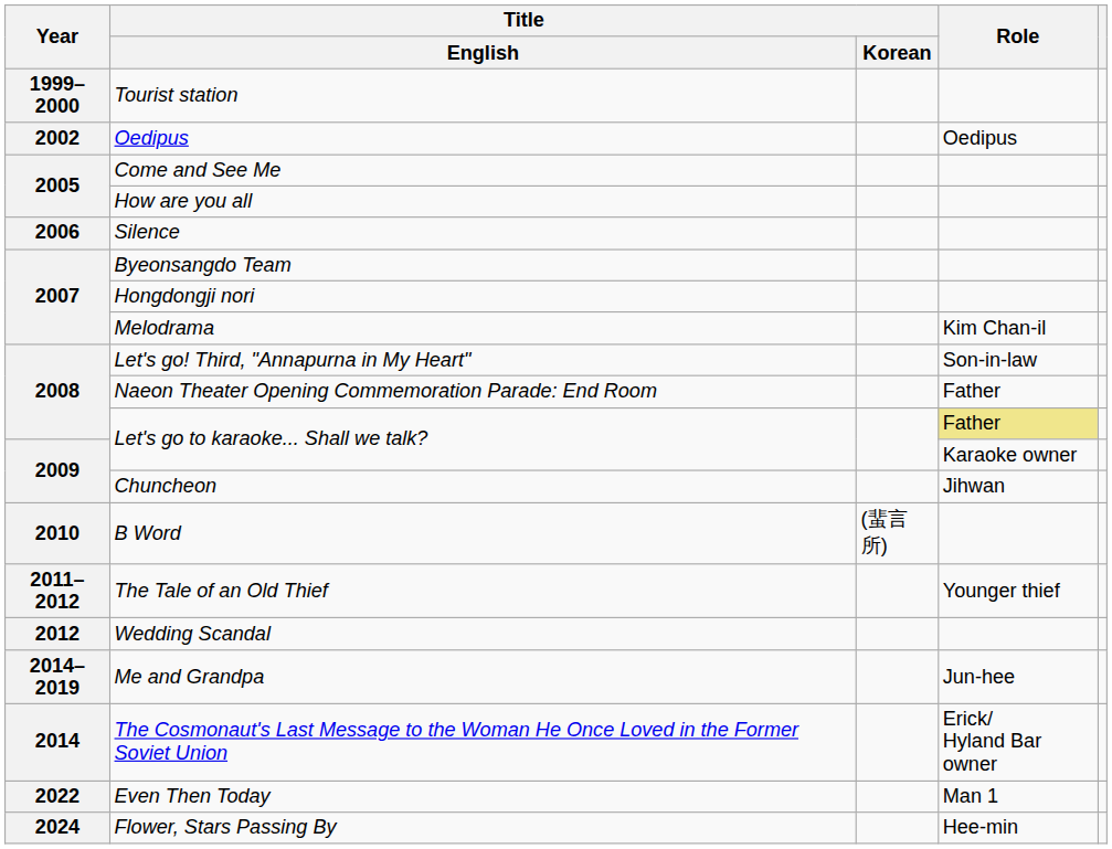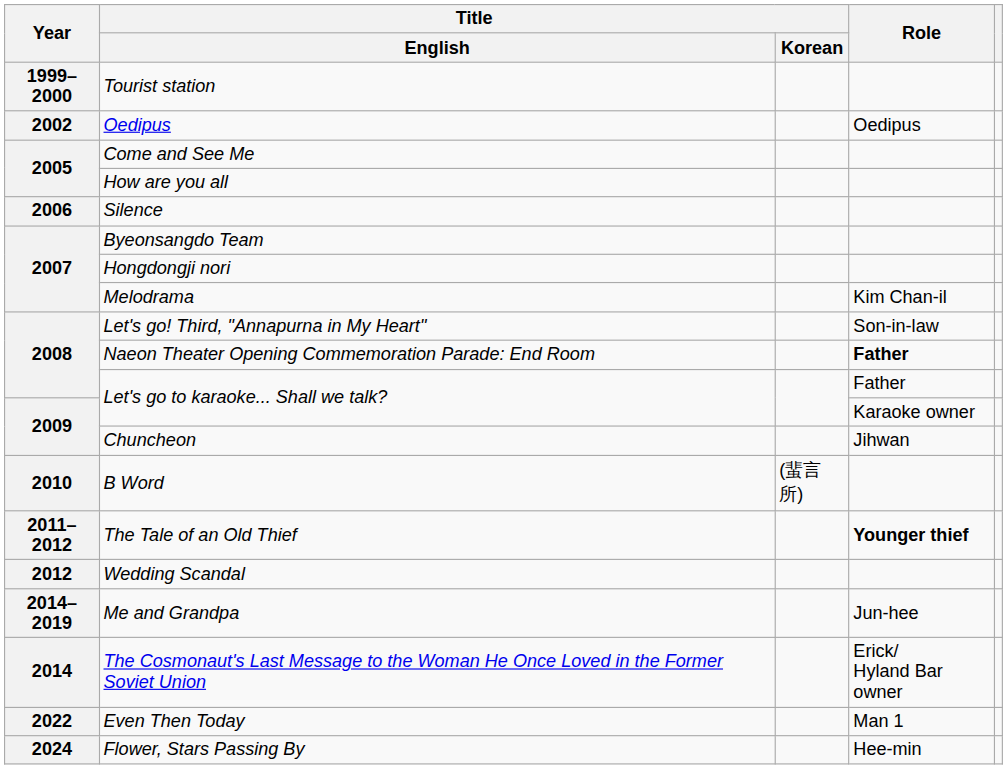 <table class="wikitable sortable plainrowheaders" style="text-align:left; font-size:100%; padding:0 auto; width:100%; margin:auto">
 <tr>
 <th rowspan="2" scope="col">Year</th>
 <th colspan="2" scope="col">Title</th>
 <th rowspan="2" scope="col">Role</th>
 <th rowspan="2" scope="col" class="unsortable"></th>
 </tr>
 <tr>
 <th>English</th>
 <th>Korean</th>
 </tr>
 <tr>
 <th scope="row">1999–2000</th>
 <td><em>Tourist station</em></td>
 <td></td>
 <td></td>
 <td style="text-align:center"></td>
 </tr>
 <tr>
 <th scope="row">2002</th>
 <td><em><a href='#'>Oedipus</a></em></td>
 <td></td>
 <td>Oedipus</td>
 <td style="text-align:center"></td>
 </tr>
 <tr>
 <th scope="row" rowspan="2">2005</th>
 <td><em>Come and See Me</em></td>
 <td></td>
 <td></td>
 <td style="text-align:center"></td>
 </tr>
 <tr>
 <td><em>How are you all</em></td>
 <td></td>
 <td></td>
 <td></td>
 </tr>
 <tr>
 <th scope="row">2006</th>
 <td><em>Silence</em></td>
 <td></td>
 <td></td>
 <td style="text-align:center"></td>
 </tr>
 <tr>
 <th rowspan="3" scope="row">2007</th>
 <td><em>Byeonsangdo Team</em></td>
 <td></td>
 <td></td>
 <td style="text-align:center"></td>
 </tr>
 <tr>
 <td><em>Hongdongji nori</em></td>
 <td></td>
 <td></td>
 <td></td>
 </tr>
 <tr>
 <td><em>Melodrama</em></td>
 <td></td>
 <td>Kim Chan-il</td>
 <td style="text-align:center"></td>
 </tr>
 <tr>
 <th rowspan="3" scope="row">2008</th>
 <td><em>Let's go! Third, "Annapurna in My Heart"</em></td>
 <td></td>
 <td>Son-in-law</td>
 <td style="text-align:center"></td>
 </tr>
 <tr>
 <td><em>Naeon Theater Opening Commemoration Parade: End Room</em></td>
 <td></td>
-<td>Father</td>
+<td><strong>Father</strong></td>
 <td style="text-align:center"></td>
 </tr>
 <tr>
 <td rowspan="2"><em>Let's go to karaoke... Shall we talk?</em></td>
 <td rowspan="2"></td>
-<td style="background: khaki;">Father</td>
+<td>Father</td>
 <td></td>
 </tr>
 <tr>
 <th rowspan="2" scope="row">2009</th>
 <td>Karaoke owner</td>
 <td></td>
 </tr>
 <tr>
 <td><em>Chuncheon</em></td>
 <td></td>
 <td>Jihwan</td>
 <td style="text-align:center"></td>
 </tr>
 <tr>
 <th scope="row">2010</th>
 <td><em>B Word</em></td>
 <td> (蜚言所)</td>
 <td></td>
 <td style="text-align:center"></td>
 </tr>
 <tr>
 <th scope="row">2011–2012</th>
 <td><em>The Tale of an Old Thief</em></td>
 <td></td>
-<td>Younger thief</td>
+<td><strong>Younger thief</strong></td>
 <td style="text-align:center"></td>
 </tr>
 <tr>
 <th scope="row">2012</th>
 <td><em>Wedding Scandal</em></td>
 <td></td>
 <td></td>
 <td style="text-align:center"></td>
 </tr>
 <tr>
 <th scope="row">2014–2019</th>
 <td><em>Me and Grandpa</em></td>
 <td></td>
 <td>Jun-hee</td>
 <td style="text-align:center"></td>
 </tr>
 <tr>
 <th scope="row">2014</th>
 <td><em><a href='#'>The Cosmonaut's Last Message to the Woman He Once Loved in the Former Soviet Union</a></em></td>
 <td></td>
 <td>Erick/<br>Hyland Bar owner</td>
 <td style="text-align:center"></td>
 </tr>
 <tr>
 <th scope="row">2022</th>
 <td><em>Even Then Today</em></td>
 <td></td>
 <td>Man 1</td>
 <td style="text-align:center"></td>
 </tr>
 <tr>
 <th scope="row">2024</th>
 <td><em>Flower, Stars Passing By</em></td>
 <td></td>
 <td>Hee-min</td>
 <td style="text-align:center"></td>
 </tr>
 </table>
